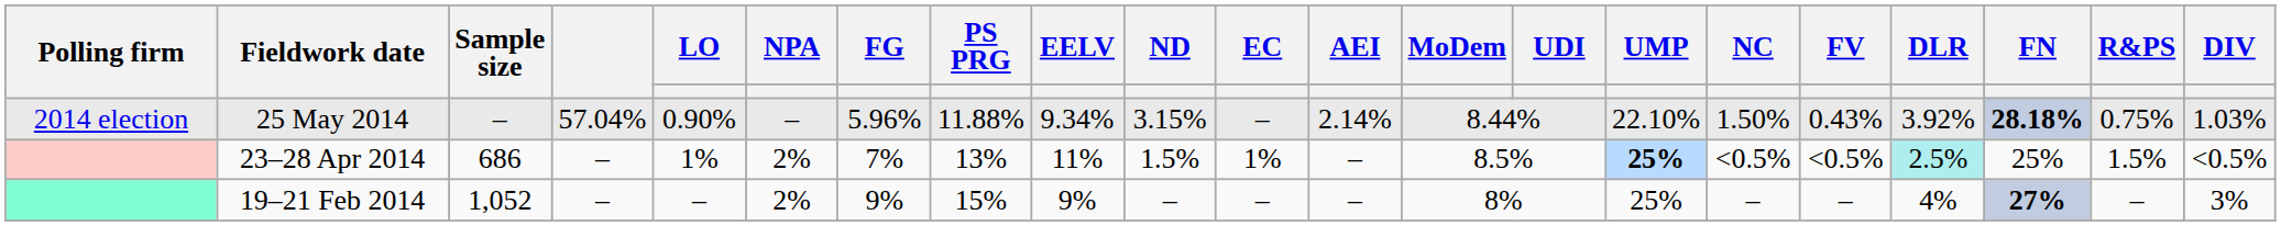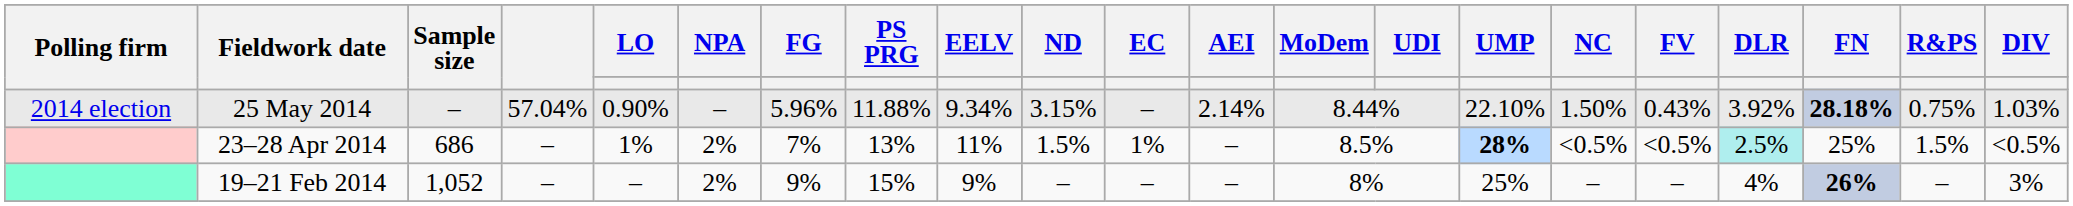 <table class="wikitable sortable" style="text-align:center;font-size:90%;line-height:14px;">
 <tr style="height:40px;">
 <th style="width:100px;" rowspan="2">Polling firm</th>
 <th style="width:110px;" rowspan="2">Fieldwork date</th>
 <th style="width:35px;" rowspan="2">Sample<br>size</th>
 <th style="width:30px;" rowspan="2"></th>
 <th class="unsortable" style="width:40px;"><a href='#'>LO</a></th>
 <th class="unsortable" style="width:40px;"><a href='#'>NPA</a></th>
 <th class="unsortable" style="width:40px;"><a href='#'>FG</a></th>
 <th class="unsortable" style="width:40px;"><a href='#'>PS</a><br><a href='#'>PRG</a></th>
 <th class="unsortable" style="width:40px;"><a href='#'>EELV</a></th>
 <th class="unsortable" style="width:40px;"><a href='#'>ND</a></th>
 <th class="unsortable" style="width:40px;"><a href='#'>EC</a></th>
 <th class="unsortable" style="width:40px;"><a href='#'>AEI</a></th>
 <th class="unsortable" style="width:40px;"><a href='#'>MoDem</a></th>
 <th class="unsortable" style="width:40px;"><a href='#'>UDI</a></th>
 <th class="unsortable" style="width:40px;"><a href='#'>UMP</a></th>
 <th class="unsortable" style="width:40px;"><a href='#'>NC</a></th>
 <th class="unsortable" style="width:40px;"><a href='#'>FV</a></th>
 <th class="unsortable" style="width:40px;"><a href='#'>DLR</a></th>
 <th class="unsortable" style="width:40px;"><a href='#'>FN</a></th>
 <th class="unsortable" style="width:40px;"><a href='#'>R&PS</a></th>
 <th class="unsortable" style="width:40px;"><a href='#'>DIV</a></th>
 </tr>
 <tr>
 <th style="background:"></th>
 <th style="background:"></th>
 <th style="background:"></th>
 <th style="background:"></th>
 <th style="background:"></th>
 <th style="background:"></th>
 <th style="background:"></th>
 <th style="background:"></th>
 <th style="background:"></th>
 <th style="background:"></th>
 <th style="background:"></th>
 <th style="background:"></th>
 <th style="background:"></th>
 <th style="background:"></th>
 <th style="background:"></th>
 <th style="background:"></th>
 <th style="background:"></th>
 </tr>
 <tr style="background:#E9E9E9;">
 <td><a href='#'>2014 election</a></td>
 <td data-sort-value="2014-05-25">25 May 2014</td>
 <td>–</td>
 <td>57.04%</td>
 <td>0.90%</td>
 <td>–</td>
 <td>5.96%</td>
 <td>11.88%</td>
 <td>9.34%</td>
 <td>3.15%</td>
 <td>–</td>
 <td>2.14%</td>
 <td colspan="2">8.44%</td>
 <td>22.10%</td>
 <td>1.50%</td>
 <td>0.43%</td>
 <td>3.92%</td>
 <td style="background:#C1CCE1;"><strong>28.18%</strong></td>
 <td>0.75%</td>
 <td>1.03%</td>
 </tr>
 <tr>
 <td style="background:#FFCCCC;"></td>
 <td data-sort-value="2014-04-28">23–28 Apr 2014</td>
 <td>686</td>
 <td>–</td>
 <td>1%</td>
 <td>2%</td>
 <td>7%</td>
 <td>13%</td>
 <td>11%</td>
 <td>1.5%</td>
 <td>1%</td>
 <td>–</td>
 <td colspan="2">8.5%</td>
-<td style="background:#B9DAFF;"><strong>25%</strong></td>
+<td style="background:#B9DAFF;"><strong>28%</strong></td>
 <td data-sort-value="0%"><0.5%</td>
 <td data-sort-value="0%"><0.5%</td>
 <td style="background: paleturquoise;">2.5%</td>
 <td>25%</td>
 <td>1.5%</td>
 <td data-sort-value="0%"><0.5%</td>
 </tr>
 <tr>
 <td style="background:aquamarine;"></td>
 <td data-sort-value="2014-02-21">19–21 Feb 2014</td>
 <td>1,052</td>
 <td>–</td>
 <td>–</td>
 <td>2%</td>
 <td>9%</td>
 <td>15%</td>
 <td>9%</td>
 <td>–</td>
 <td>–</td>
 <td>–</td>
 <td colspan="2">8%</td>
 <td>25%</td>
 <td>–</td>
 <td>–</td>
 <td>4%</td>
-<td style="background:#C1CCE1;"><strong>27%</strong></td>
+<td style="background:#C1CCE1;"><strong>26%</strong></td>
 <td>–</td>
 <td>3%</td>
 </tr>
 </table>
